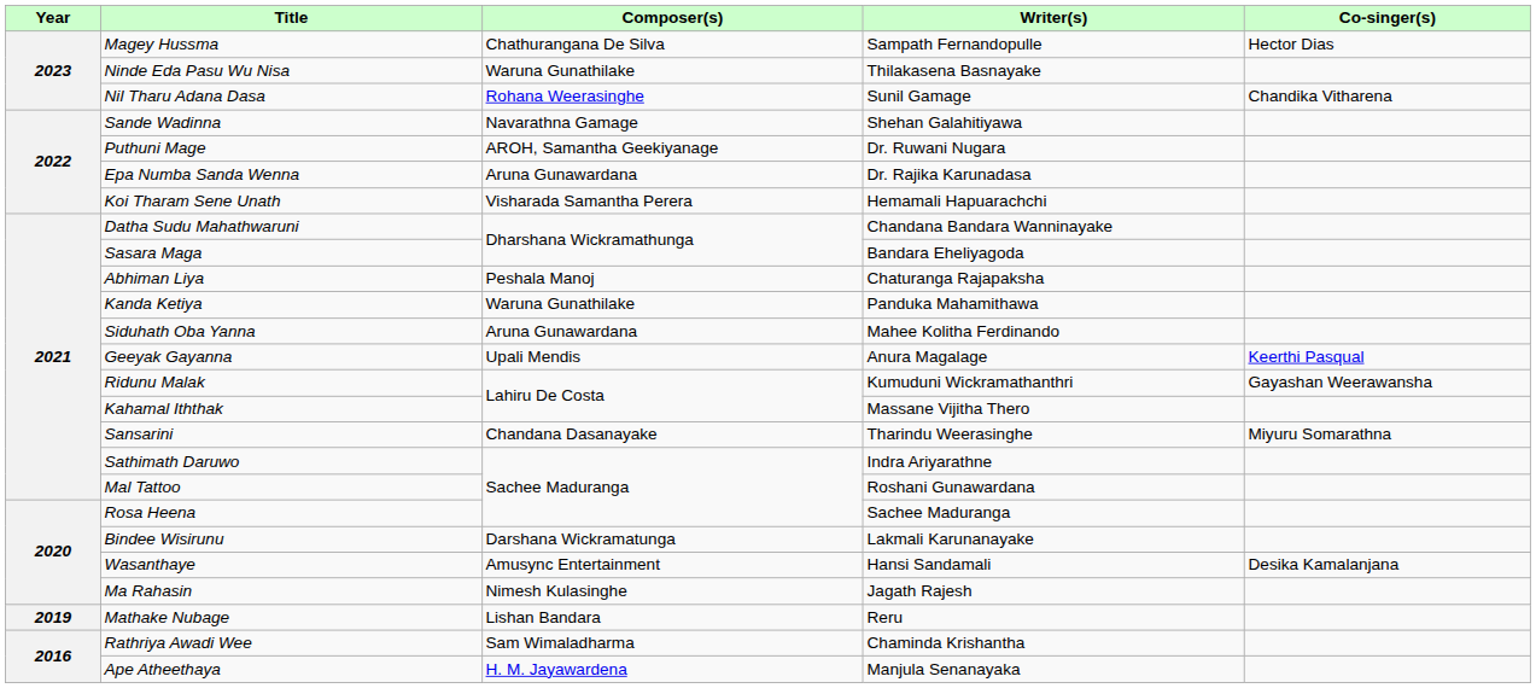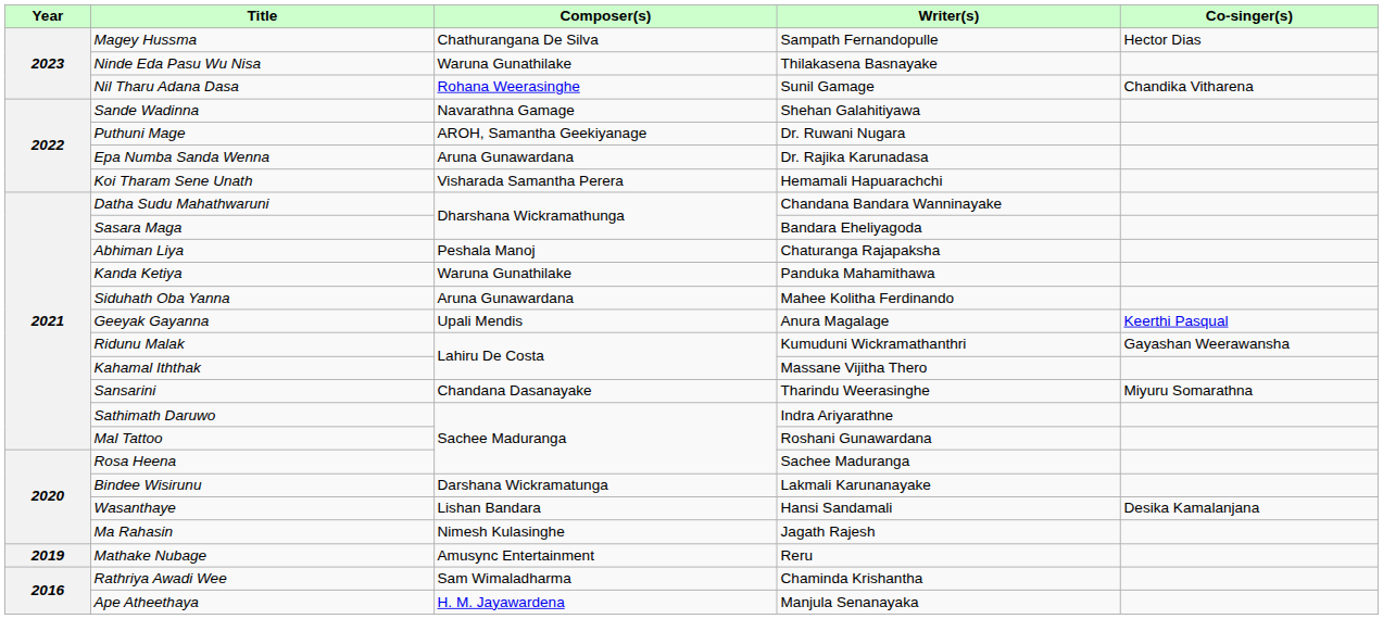 <table class="wikitable plainrowheaders" style="width:75%; textcolor:#000">
 <tr style="background:#cfc; text-align:center;">
 <td scope="col" style="width:05%;"><strong>Year</strong></td>
 <td scope="col" style="width:20%;"><strong>Title</strong></td>
 <td scope="col" style="width:20%;"><strong>Composer(s)</strong></td>
 <td scope="col" style="width:20%;"><strong>Writer(s)</strong></td>
 <td scope="col" style="width:15%;"><strong>Co-singer(s)</strong></td>
 </tr>
 <tr>
 <th scope="row" rowspan="3"><em>2023</em></th>
 <td><em>Magey Hussma</em></td>
 <td>Chathurangana De Silva</td>
 <td>Sampath Fernandopulle</td>
 <td>Hector Dias</td>
 </tr>
 <tr>
 <td><em>Ninde Eda Pasu Wu Nisa</em></td>
 <td>Waruna Gunathilake</td>
 <td>Thilakasena Basnayake</td>
 <td></td>
 </tr>
 <tr>
 <td><em>Nil Tharu Adana Dasa</em></td>
 <td><a href='#'>Rohana Weerasinghe</a></td>
 <td>Sunil Gamage</td>
 <td>Chandika Vitharena</td>
 </tr>
 <tr>
 <th scope="row" rowspan="4"><em>2022</em></th>
 <td><em>Sande Wadinna</em></td>
 <td>Navarathna Gamage</td>
 <td>Shehan Galahitiyawa</td>
 <td></td>
 </tr>
 <tr>
 <td><em>Puthuni Mage</em></td>
 <td>AROH, Samantha Geekiyanage</td>
 <td>Dr. Ruwani Nugara</td>
 <td></td>
 </tr>
 <tr>
 <td><em>Epa Numba Sanda Wenna</em></td>
 <td>Aruna Gunawardana</td>
 <td>Dr. Rajika Karunadasa</td>
 <td></td>
 </tr>
 <tr>
 <td><em>Koi Tharam Sene Unath</em></td>
 <td>Visharada Samantha Perera</td>
 <td>Hemamali Hapuarachchi</td>
 <td></td>
 </tr>
 <tr>
 <th scope="row" rowspan="11"><em>2021</em></th>
 <td><em>Datha Sudu Mahathwaruni</em></td>
 <td rowspan="2">Dharshana Wickramathunga</td>
 <td>Chandana Bandara Wanninayake</td>
 <td></td>
 </tr>
 <tr>
 <td><em>Sasara Maga</em></td>
 <td>Bandara Eheliyagoda</td>
 <td></td>
 </tr>
 <tr>
 <td><em>Abhiman Liya</em></td>
 <td>Peshala Manoj</td>
 <td>Chaturanga Rajapaksha</td>
 <td></td>
 </tr>
 <tr>
 <td><em>Kanda Ketiya</em></td>
 <td>Waruna Gunathilake</td>
 <td>Panduka Mahamithawa</td>
 <td></td>
 </tr>
 <tr>
 <td><em>Siduhath Oba Yanna</em></td>
 <td>Aruna Gunawardana</td>
 <td>Mahee Kolitha Ferdinando</td>
 <td></td>
 </tr>
 <tr>
 <td><em>Geeyak Gayanna</em></td>
 <td>Upali Mendis</td>
 <td>Anura Magalage</td>
 <td><a href='#'>Keerthi Pasqual</a></td>
 </tr>
 <tr>
 <td><em>Ridunu Malak</em></td>
 <td rowspan="2">Lahiru De Costa</td>
 <td>Kumuduni Wickramathanthri</td>
 <td>Gayashan Weerawansha</td>
 </tr>
 <tr>
 <td><em>Kahamal Iththak</em></td>
 <td>Massane Vijitha Thero</td>
 <td></td>
 </tr>
 <tr>
 <td><em>Sansarini</em></td>
 <td>Chandana Dasanayake</td>
 <td>Tharindu Weerasinghe</td>
 <td>Miyuru Somarathna</td>
 </tr>
 <tr>
 <td><em>Sathimath Daruwo</em></td>
 <td rowspan="3">Sachee Maduranga</td>
 <td>Indra Ariyarathne</td>
 <td></td>
 </tr>
 <tr>
 <td><em>Mal Tattoo</em></td>
 <td>Roshani Gunawardana</td>
 <td></td>
 </tr>
 <tr>
 <th scope="row" rowspan="4"><em>2020</em></th>
 <td><em>Rosa Heena</em></td>
 <td>Sachee Maduranga</td>
 <td></td>
 </tr>
 <tr>
 <td><em>Bindee Wisirunu</em></td>
 <td>Darshana Wickramatunga</td>
 <td>Lakmali Karunanayake</td>
 <td></td>
 </tr>
 <tr>
 <td><em>Wasanthaye</em></td>
-<td>Amusync Entertainment</td>
+<td>Lishan Bandara</td>
 <td>Hansi Sandamali</td>
 <td>Desika Kamalanjana</td>
 </tr>
 <tr>
 <td><em>Ma Rahasin</em> </td>
 <td>Nimesh Kulasinghe</td>
 <td>Jagath Rajesh</td>
 <td></td>
 </tr>
 <tr>
 <th scope="row"><em>2019</em></th>
 <td><em>Mathake Nubage</em></td>
-<td>Lishan Bandara</td>
+<td>Amusync Entertainment</td>
 <td>Reru</td>
 <td></td>
 </tr>
 <tr>
 <th scope="row" rowspan="2"><em>2016</em></th>
 <td><em>Rathriya Awadi Wee</em></td>
 <td>Sam Wimaladharma</td>
 <td>Chaminda Krishantha</td>
 <td></td>
 </tr>
 <tr>
 <td><em>Ape Atheethaya</em></td>
 <td><a href='#'>H. M. Jayawardena</a></td>
 <td>Manjula Senanayaka</td>
 <td></td>
 </tr>
 </table>
